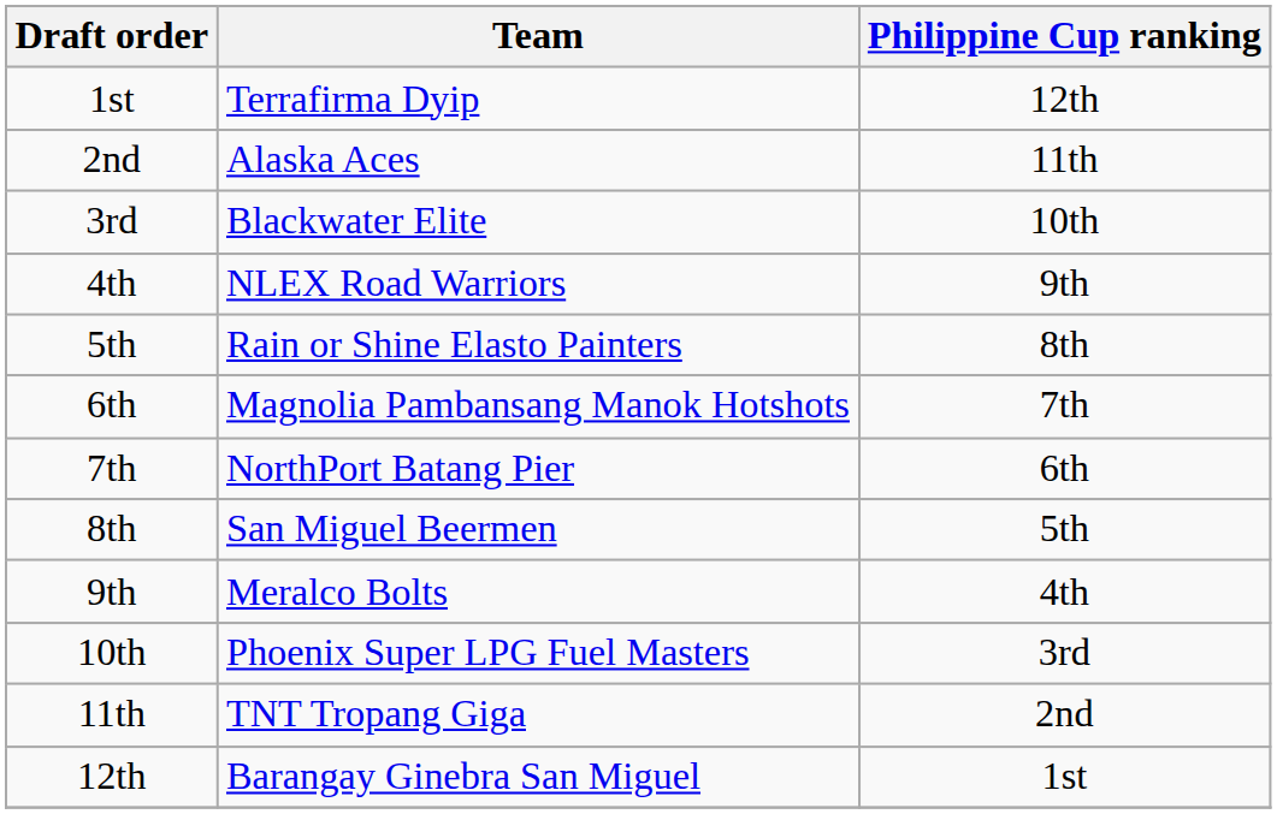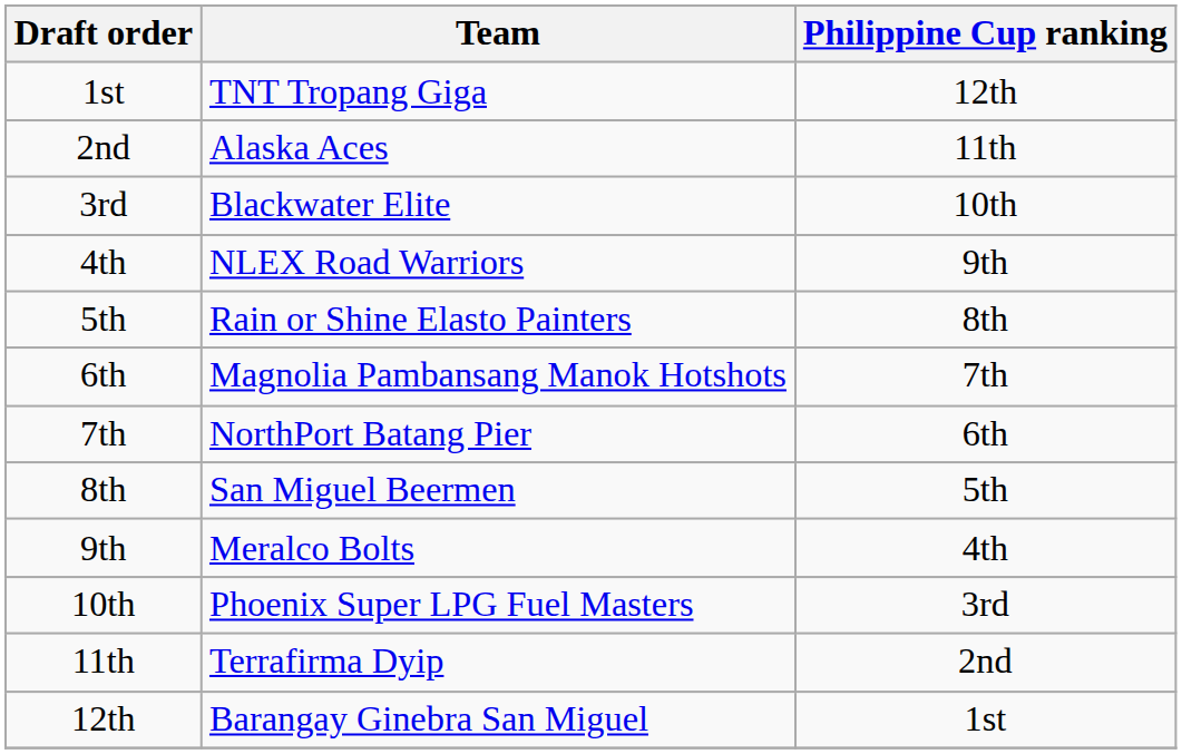 <table class=wikitable style="text-align:center;">
 <tr>
 <th>Draft order</th>
 <th>Team</th>
 <th><a href='#'>Philippine Cup</a> ranking</th>
 </tr>
 <tr>
 <td>1st</td>
-<td align="left"><a href='#'>Terrafirma Dyip</a></td>
+<td align="left"><a href='#'>TNT Tropang Giga</a></td>
 <td>12th</td>
 </tr>
 <tr>
 <td>2nd</td>
 <td align="left"><a href='#'>Alaska Aces</a></td>
 <td>11th</td>
 </tr>
 <tr>
 <td>3rd</td>
 <td align="left"><a href='#'>Blackwater Elite</a></td>
 <td>10th</td>
 </tr>
 <tr>
 <td>4th</td>
 <td align="left"><a href='#'>NLEX Road Warriors</a></td>
 <td>9th</td>
 </tr>
 <tr>
 <td>5th</td>
 <td align="left"><a href='#'>Rain or Shine Elasto Painters</a></td>
 <td>8th</td>
 </tr>
 <tr>
 <td>6th</td>
 <td align="left"><a href='#'>Magnolia Pambansang Manok Hotshots</a></td>
 <td>7th</td>
 </tr>
 <tr>
 <td>7th</td>
 <td align="left"><a href='#'>NorthPort Batang Pier</a></td>
 <td>6th</td>
 </tr>
 <tr>
 <td>8th</td>
 <td align="left"><a href='#'>San Miguel Beermen</a></td>
 <td>5th</td>
 </tr>
 <tr>
 <td>9th</td>
 <td align="left"><a href='#'>Meralco Bolts</a></td>
 <td>4th</td>
 </tr>
 <tr>
 <td>10th</td>
 <td align="left"><a href='#'>Phoenix Super LPG Fuel Masters</a></td>
 <td>3rd</td>
 </tr>
 <tr>
 <td>11th</td>
-<td align="left"><a href='#'>TNT Tropang Giga</a></td>
+<td align="left"><a href='#'>Terrafirma Dyip</a></td>
 <td>2nd</td>
 </tr>
 <tr>
 <td>12th</td>
 <td align="left"><a href='#'>Barangay Ginebra San Miguel</a></td>
 <td>1st</td>
 </tr>
 <tr>
 </tr>
 </table>
